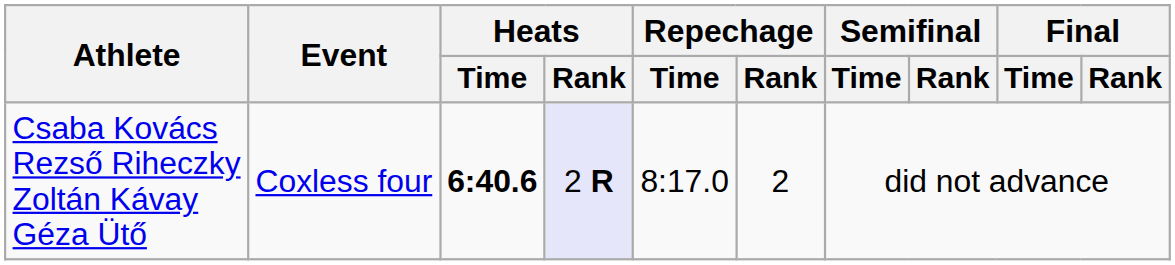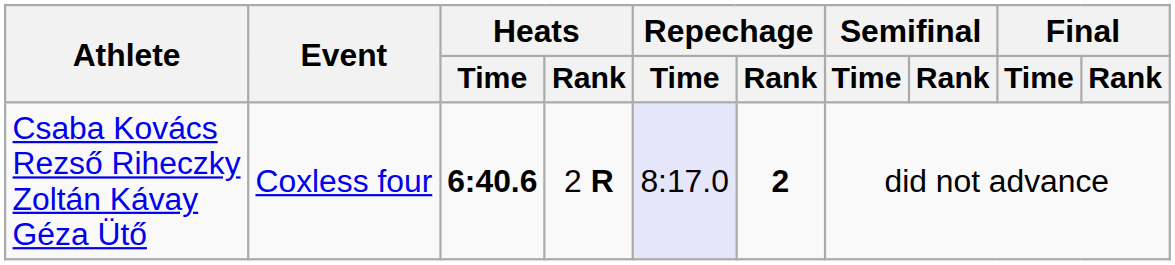 <table class="wikitable" style="font-size:90%">
 <tr>
 <th rowspan="2">Athlete</th>
 <th rowspan="2">Event</th>
 <th colspan="2">Heats</th>
 <th colspan="2">Repechage</th>
 <th colspan="2">Semifinal</th>
 <th colspan="2">Final</th>
 </tr>
 <tr style="font-size:95%">
 <th>Time</th>
 <th>Rank</th>
 <th>Time</th>
 <th>Rank</th>
 <th>Time</th>
 <th>Rank</th>
 <th>Time</th>
 <th>Rank</th>
 </tr>
 <tr align=center>
 <td align=left><a href='#'>Csaba Kovács</a><br><a href='#'>Rezső Riheczky</a><br><a href='#'>Zoltán Kávay</a><br><a href='#'>Géza Ütő</a></td>
 <td align=left><a href='#'>Coxless four</a></td>
 <td><strong>6:40.6</strong></td>
-<td style="background: lavender;">2 <strong>R</strong></td>
-<td>8:17.0</td>
-<td>2</td>
+<td>2 <strong>R</strong></td>
+<td style="background: lavender;">8:17.0</td>
+<td><strong>2</strong></td>
 <td colspan=4>did not advance</td>
 </tr>
 </table>
